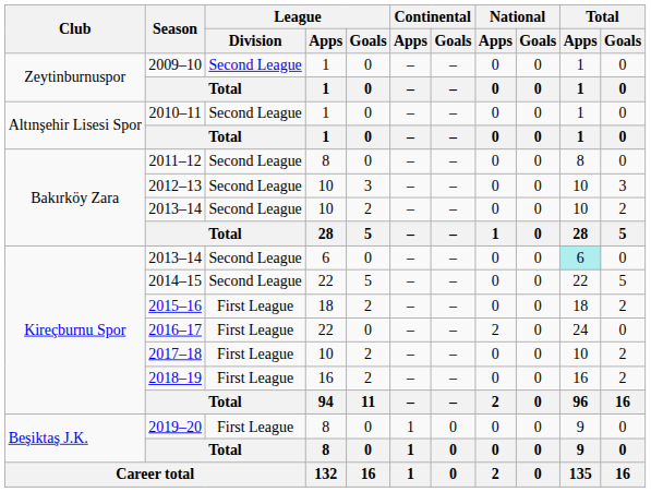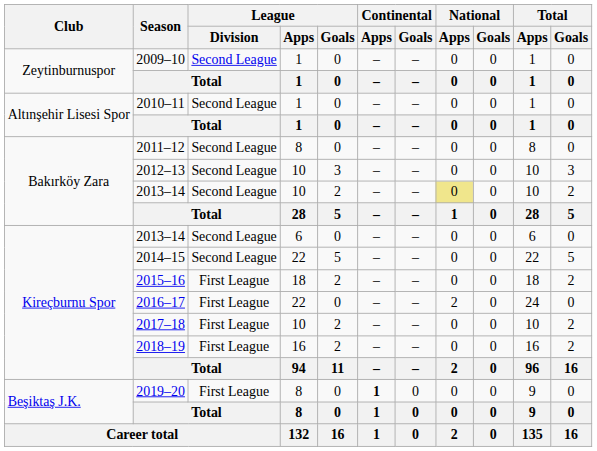 <table class="wikitable" style="text-align: center;">
 <tr>
 <th rowspan=2>Club</th>
 <th rowspan=2>Season</th>
 <th colspan=3>League</th>
 <th colspan=2>Continental</th>
 <th colspan=2>National</th>
 <th colspan=2>Total</th>
 </tr>
 <tr>
 <th>Division</th>
 <th>Apps</th>
 <th>Goals</th>
 <th>Apps</th>
 <th>Goals</th>
 <th>Apps</th>
 <th>Goals</th>
 <th>Apps</th>
 <th>Goals</th>
 </tr>
 <tr>
 <td rowspan=2>Zeytinburnuspor</td>
 <td>2009–10</td>
 <td><a href='#'>Second League</a></td>
 <td>1</td>
 <td>0</td>
 <td>–</td>
 <td>–</td>
 <td>0</td>
 <td>0</td>
 <td>1</td>
 <td>0</td>
 </tr>
 <tr>
 <th colspan=2>Total</th>
 <th>1</th>
 <th>0</th>
 <th>–</th>
 <th>–</th>
 <th>0</th>
 <th>0</th>
 <th>1</th>
 <th>0</th>
 </tr>
 <tr>
 <td rowspan=2>Altınşehir Lisesi Spor</td>
 <td>2010–11</td>
 <td>Second League</td>
 <td>1</td>
 <td>0</td>
 <td>–</td>
 <td>–</td>
 <td>0</td>
 <td>0</td>
 <td>1</td>
 <td>0</td>
 </tr>
 <tr>
 <th colspan=2>Total</th>
 <th>1</th>
 <th>0</th>
 <th>–</th>
 <th>–</th>
 <th>0</th>
 <th>0</th>
 <th>1</th>
 <th>0</th>
 </tr>
 <tr>
 <td rowspan=4>Bakırköy Zara</td>
 <td>2011–12</td>
 <td>Second League</td>
 <td>8</td>
 <td>0</td>
 <td>–</td>
 <td>–</td>
 <td>0</td>
 <td>0</td>
 <td>8</td>
 <td>0</td>
 </tr>
 <tr>
 <td>2012–13</td>
 <td>Second League</td>
 <td>10</td>
 <td>3</td>
 <td>–</td>
 <td>–</td>
 <td>0</td>
 <td>0</td>
 <td>10</td>
 <td>3</td>
 </tr>
 <tr>
 <td>2013–14</td>
 <td>Second League</td>
 <td>10</td>
 <td>2</td>
 <td>–</td>
 <td>–</td>
-<td>0</td>
+<td style="background: khaki;">0</td>
 <td>0</td>
 <td>10</td>
 <td>2</td>
 </tr>
 <tr>
 <th colspan=2>Total</th>
 <th>28</th>
 <th>5</th>
 <th>–</th>
 <th>–</th>
 <th>1</th>
 <th>0</th>
 <th>28</th>
 <th>5</th>
 </tr>
 <tr>
 <td rowspan=7><a href='#'>Kireçburnu Spor</a></td>
 <td>2013–14</td>
 <td>Second League</td>
 <td>6</td>
 <td>0</td>
 <td>–</td>
 <td>–</td>
 <td>0</td>
 <td>0</td>
-<td style="background: paleturquoise;">6</td>
+<td>6</td>
 <td>0</td>
 </tr>
 <tr>
 <td>2014–15</td>
 <td>Second League</td>
 <td>22</td>
 <td>5</td>
 <td>–</td>
 <td>–</td>
 <td>0</td>
 <td>0</td>
 <td>22</td>
 <td>5</td>
 </tr>
 <tr>
 <td><a href='#'>2015–16</a></td>
 <td>First League</td>
 <td>18</td>
 <td>2</td>
 <td>–</td>
 <td>–</td>
 <td>0</td>
 <td>0</td>
 <td>18</td>
 <td>2</td>
 </tr>
 <tr>
 <td><a href='#'>2016–17</a></td>
 <td>First League</td>
 <td>22</td>
 <td>0</td>
 <td>–</td>
 <td>–</td>
 <td>2</td>
 <td>0</td>
 <td>24</td>
 <td>0</td>
 </tr>
 <tr>
 <td><a href='#'>2017–18</a></td>
 <td>First League</td>
 <td>10</td>
 <td>2</td>
 <td>–</td>
 <td>–</td>
 <td>0</td>
 <td>0</td>
 <td>10</td>
 <td>2</td>
 </tr>
 <tr>
 <td><a href='#'>2018–19</a></td>
 <td>First League</td>
 <td>16</td>
 <td>2</td>
 <td>–</td>
 <td>–</td>
 <td>0</td>
 <td>0</td>
 <td>16</td>
 <td>2</td>
 </tr>
 <tr>
 <th colspan=2>Total</th>
 <th>94</th>
 <th>11</th>
 <th>–</th>
 <th>–</th>
 <th>2</th>
 <th>0</th>
 <th>96</th>
 <th>16</th>
 </tr>
 <tr>
 <td align=left rowspan=2><a href='#'>Beşiktaş J.K.</a></td>
 <td><a href='#'>2019–20</a></td>
 <td>First League</td>
 <td>8</td>
 <td>0</td>
-<td>1</td>
+<td><strong>1</strong></td>
 <td>0</td>
 <td>0</td>
 <td>0</td>
 <td>9</td>
 <td>0</td>
 </tr>
 <tr>
 <th colspan=2>Total</th>
 <th>8</th>
 <th>0</th>
 <th>1</th>
 <th>0</th>
 <th>0</th>
 <th>0</th>
 <th>9</th>
 <th>0</th>
 </tr>
 <tr>
 <th colspan=3>Career total</th>
 <th>132</th>
 <th>16</th>
 <th>1</th>
 <th>0</th>
 <th>2</th>
 <th>0</th>
 <th>135</th>
 <th>16</th>
 </tr>
 </table>
